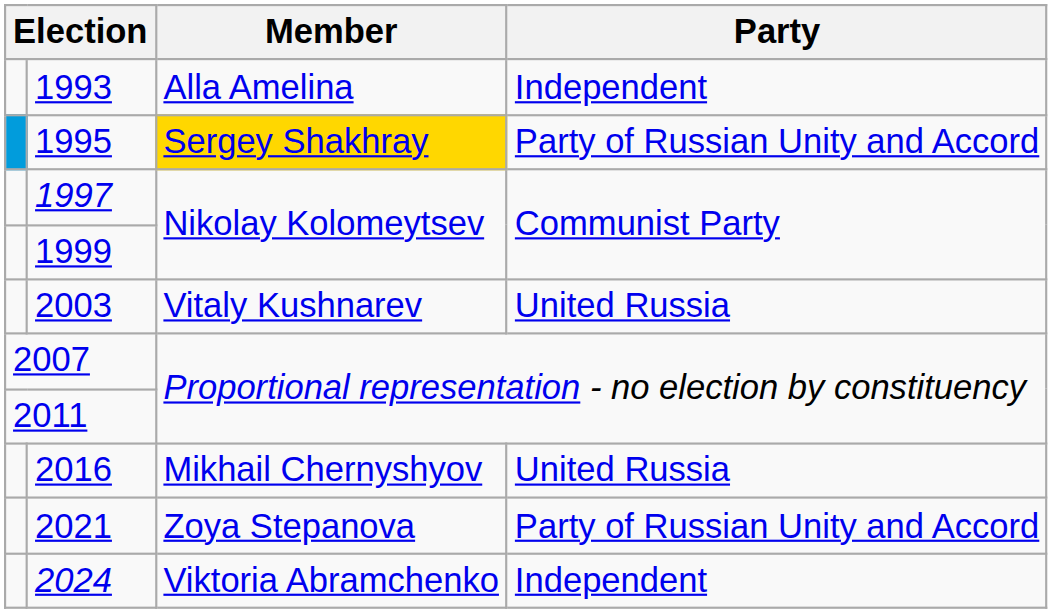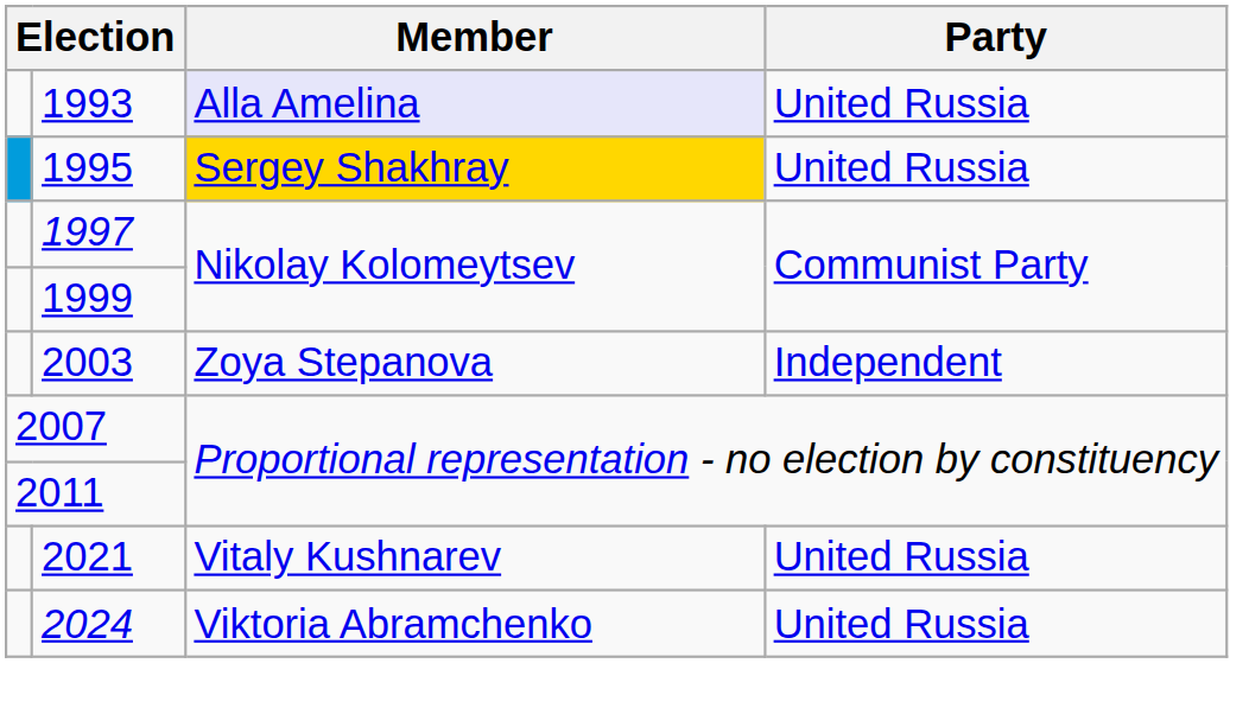 <table class="wikitable">
 <tr>
 <th colspan="2">Election</th>
 <th>Member</th>
 <th>Party</th>
 </tr>
 <tr>
 <td style="background-color:"></td>
 <td><a href='#'>1993</a></td>
-<td><a href='#'>Alla Amelina</a></td>
-<td><a href='#'>Independent</a></td>
+<td style="background: lavender;"><a href='#'>Alla Amelina</a></td>
+<td><a href='#'>United Russia</a></td>
 </tr>
 <tr>
 <td style="background-color:#019CDC"></td>
 <td><a href='#'>1995</a></td>
 <td style="background: gold;"><a href='#'>Sergey Shakhray</a></td>
-<td><a href='#'>Party of Russian Unity and Accord</a></td>
+<td><a href='#'>United Russia</a></td>
 </tr>
 <tr>
 <td style="background-color:"></td>
 <td><em><a href='#'>1997</a></em></td>
 <td rowspan=2><a href='#'>Nikolay Kolomeytsev</a></td>
 <td rowspan=2><a href='#'>Communist Party</a></td>
 </tr>
 <tr>
 <td style="background-color:"></td>
 <td><a href='#'>1999</a></td>
 </tr>
 <tr>
 <td style="background-color:"></td>
 <td><a href='#'>2003</a></td>
-<td><a href='#'>Vitaly Kushnarev</a></td>
-<td><a href='#'>United Russia</a></td>
+<td><a href='#'>Zoya Stepanova</a></td>
+<td><a href='#'>Independent</a></td>
 </tr>
 <tr>
 <td colspan=2><a href='#'>2007</a></td>
 <td colspan=2 rowspan=2><em><a href='#'>Proportional representation</a> - no election by constituency</em></td>
 </tr>
 <tr>
 <td colspan=2><a href='#'>2011</a></td>
 </tr>
 <tr>
 <td style="background-color: "></td>
-<td><a href='#'>2016</a></td>
-<td><a href='#'>Mikhail Chernyshyov</a></td>
+<td><a href='#'>2021</a></td>
+<td><a href='#'>Vitaly Kushnarev</a></td>
 <td><a href='#'>United Russia</a></td>
-</tr>
-<tr>
-<td style="background-color: "></td>
-<td><a href='#'>2021</a></td>
-<td><a href='#'>Zoya Stepanova</a></td>
-<td><a href='#'>Party of Russian Unity and Accord</a></td>
 </tr>
 <tr>
 <td style="background-color: "></td>
 <td><em><a href='#'>2024</a></em></td>
 <td><a href='#'>Viktoria Abramchenko</a></td>
-<td><a href='#'>Independent</a></td>
+<td><a href='#'>United Russia</a></td>
 </tr>
 </table>
